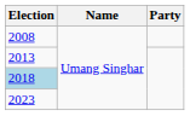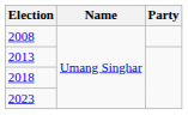 <table class="wikitable sortable">
 <tr>
 <th>Election</th>
 <th>Name</th>
 <th colspan=2>Party</th>
 </tr>
 <tr>
 <td><a href='#'>2008</a></td>
 <td rowspan=4><a href='#'>Umang Singhar</a></td>
 <td></td>
 </tr>
 <tr>
 <td><a href='#'>2013</a></td>
 </tr>
 <tr>
-<td style="background: lightblue;"><a href='#'>2018</a></td>
+<td><a href='#'>2018</a></td>
 </tr>
 <tr>
 <td><a href='#'>2023</a></td>
 </tr>
 </table>
